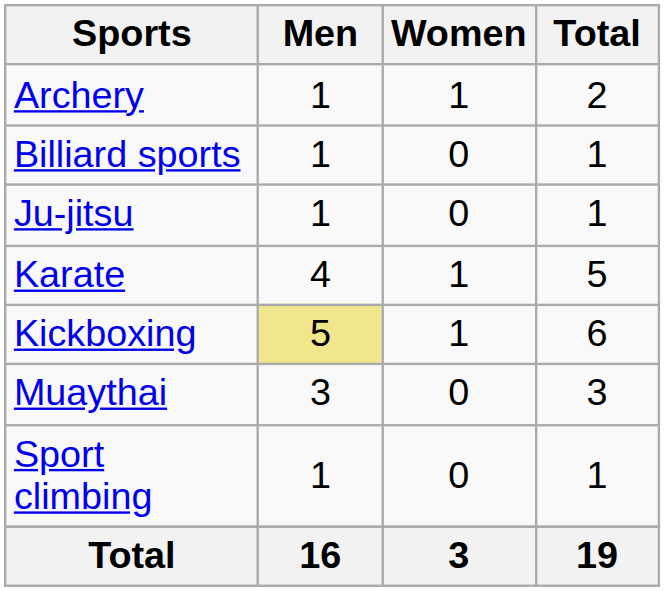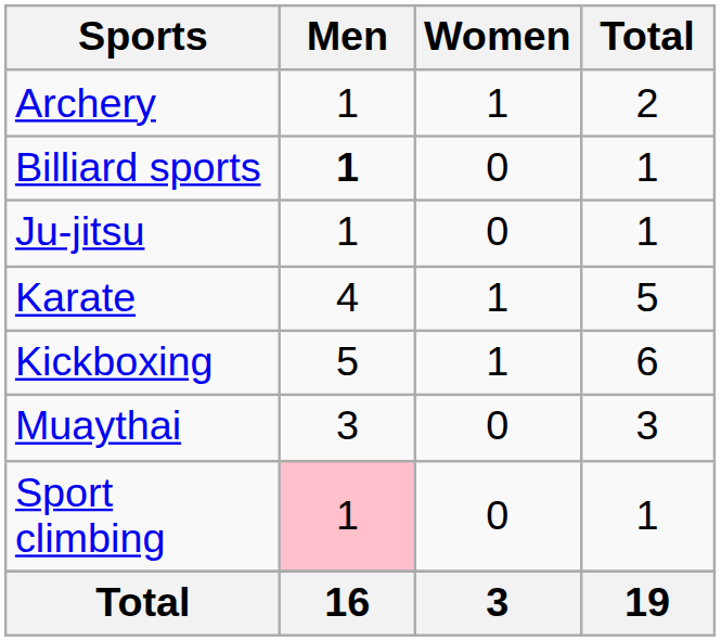 <table class="wikitable sortable" style="text-align:center;">
 <tr>
 <th width=100>Sports</th>
 <th width=45>Men</th>
 <th width=45>Women</th>
 <th width=45>Total</th>
 </tr>
 <tr>
 <td align=left><a href='#'>Archery</a></td>
 <td>1</td>
 <td>1</td>
 <td>2</td>
 </tr>
 <tr>
 <td align=left><a href='#'>Billiard sports</a></td>
-<td>1</td>
+<td><strong>1</strong></td>
 <td>0</td>
 <td>1</td>
 </tr>
 <tr>
 <td align=left><a href='#'>Ju-jitsu</a></td>
 <td>1</td>
 <td>0</td>
 <td>1</td>
 </tr>
 <tr>
 <td align=left><a href='#'>Karate</a></td>
 <td>4</td>
 <td>1</td>
 <td>5</td>
 </tr>
 <tr>
 <td align=left><a href='#'>Kickboxing</a></td>
-<td style="background: khaki;">5</td>
+<td>5</td>
 <td>1</td>
 <td>6</td>
 </tr>
 <tr>
 <td align=left><a href='#'>Muaythai</a></td>
 <td>3</td>
 <td>0</td>
 <td>3</td>
 </tr>
 <tr>
 <td align=left><a href='#'>Sport climbing</a></td>
-<td>1</td>
+<td style="background: pink;">1</td>
 <td>0</td>
 <td>1</td>
 </tr>
 <tr>
 </tr>
 <tr class="sortbottom">
 <th>Total</th>
 <th>16</th>
 <th>3</th>
 <th>19</th>
 </tr>
 </table>
